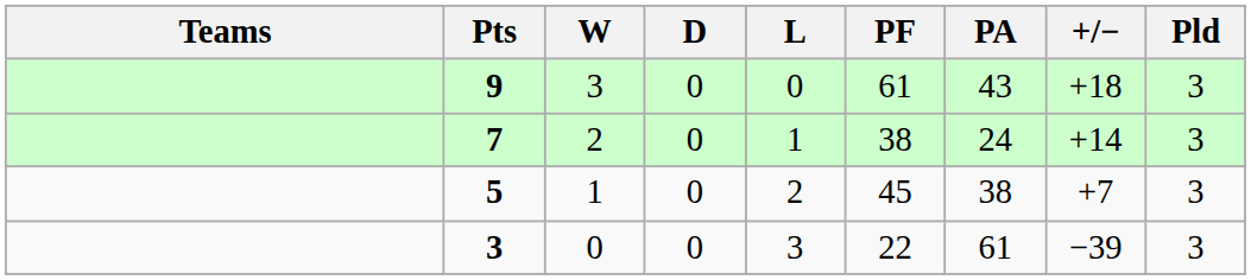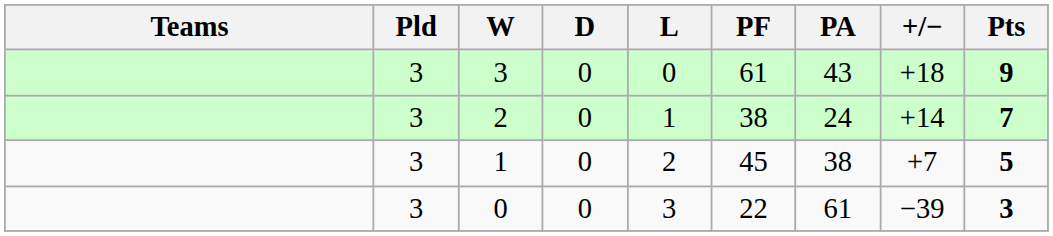 <table class="wikitable" style="text-align: center;">
 <tr>
 <th width="200">Teams</th>
-<th width="40">Pts</th>
+<th width="40">Pld</th>
 <th width="40">W</th>
 <th width="40">D</th>
 <th width="40">L</th>
 <th width="40">PF</th>
 <th width="40">PA</th>
 <th width="40">+/−</th>
-<th width="40">Pld</th>
+<th width="40">Pts</th>
 </tr>
 <tr bgcolor=ccffcc>
 <td align=left></td>
-<td><strong>9</strong></td>
+<td>3</td>
 <td>3</td>
 <td>0</td>
 <td>0</td>
 <td>61</td>
 <td>43</td>
 <td>+18</td>
-<td>3</td>
+<td><strong>9</strong></td>
 </tr>
 <tr bgcolor=ccffcc>
 <td align=left></td>
-<td><strong>7</strong></td>
+<td>3</td>
 <td>2</td>
 <td>0</td>
 <td>1</td>
 <td>38</td>
 <td>24</td>
 <td>+14</td>
-<td>3</td>
+<td><strong>7</strong></td>
 </tr>
 <tr>
 <td align=left></td>
-<td><strong>5</strong></td>
+<td>3</td>
 <td>1</td>
 <td>0</td>
 <td>2</td>
 <td>45</td>
 <td>38</td>
 <td>+7</td>
-<td>3</td>
+<td><strong>5</strong></td>
 </tr>
 <tr>
 <td align=left></td>
-<td><strong>3</strong></td>
+<td>3</td>
 <td>0</td>
 <td>0</td>
 <td>3</td>
 <td>22</td>
 <td>61</td>
 <td>−39</td>
-<td>3</td>
+<td><strong>3</strong></td>
 </tr>
 </table>
